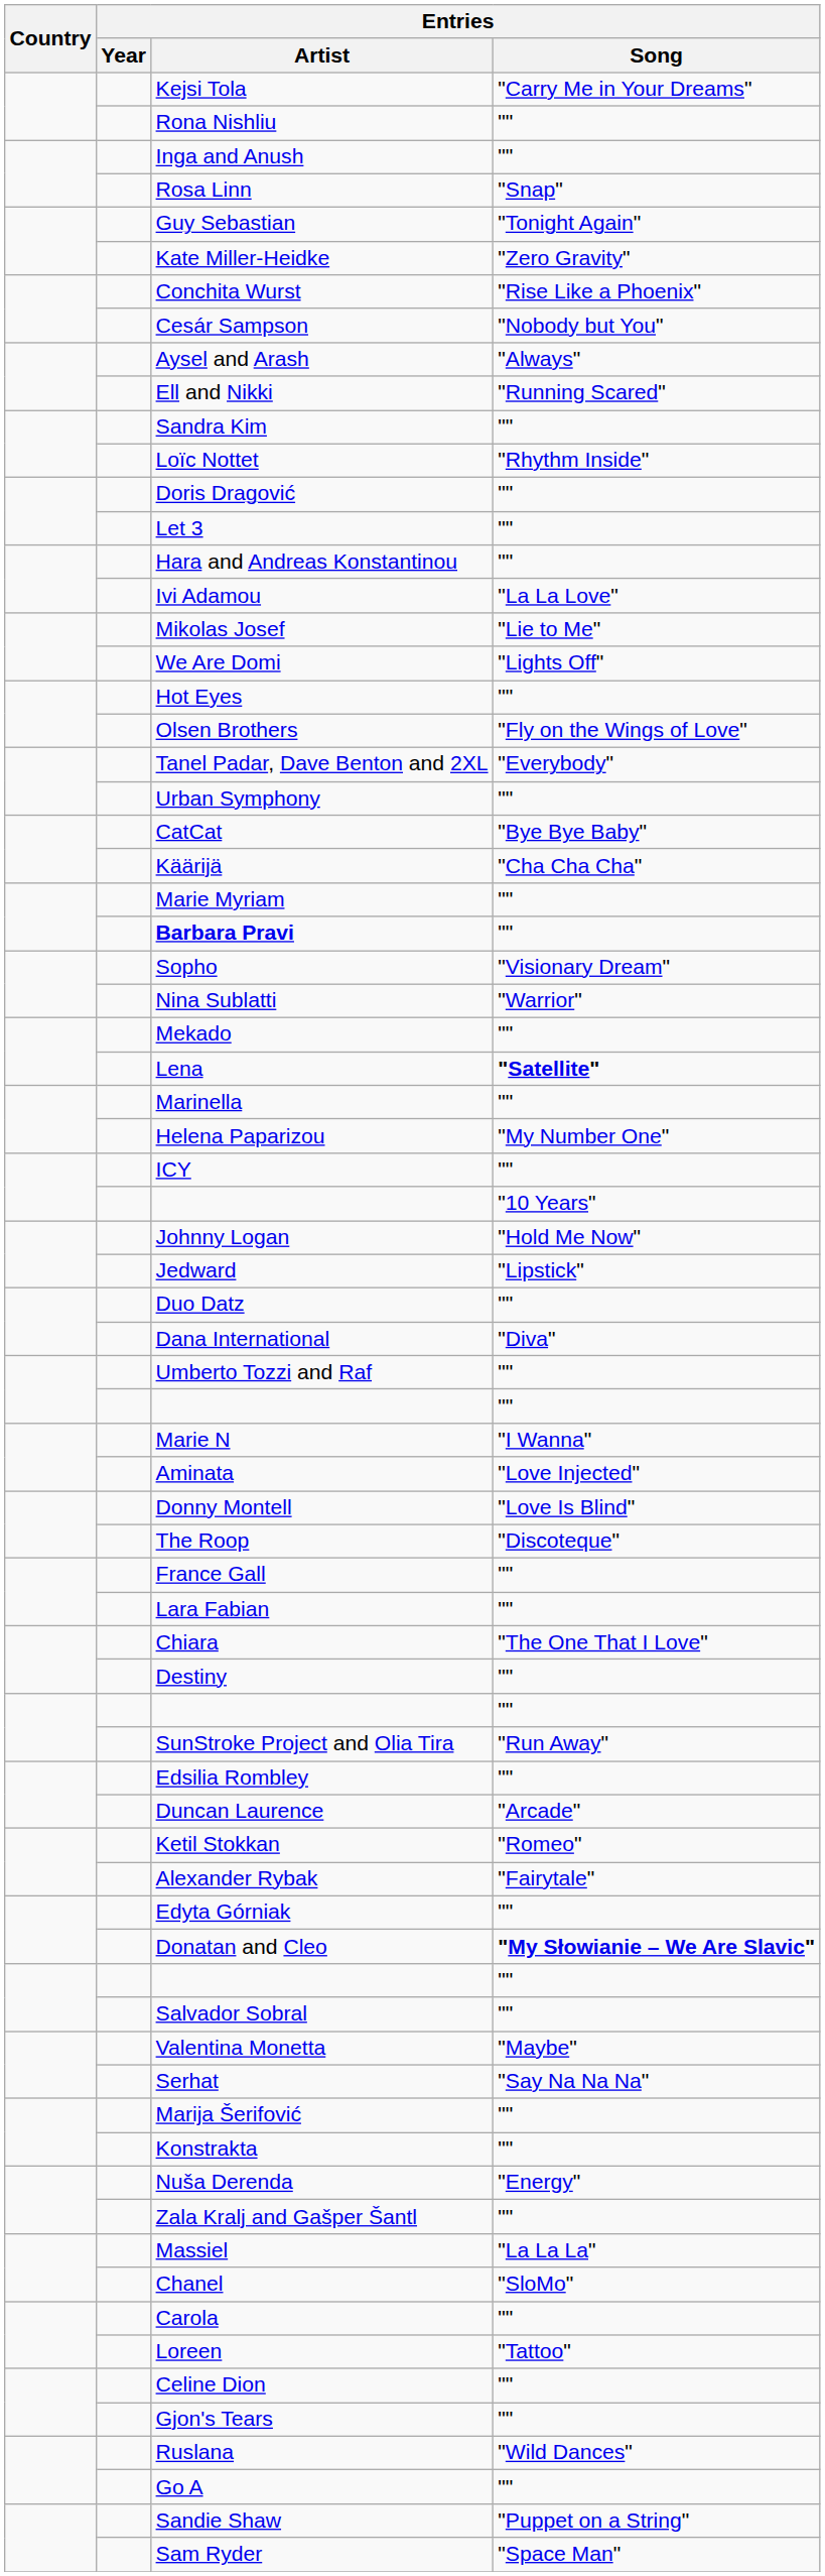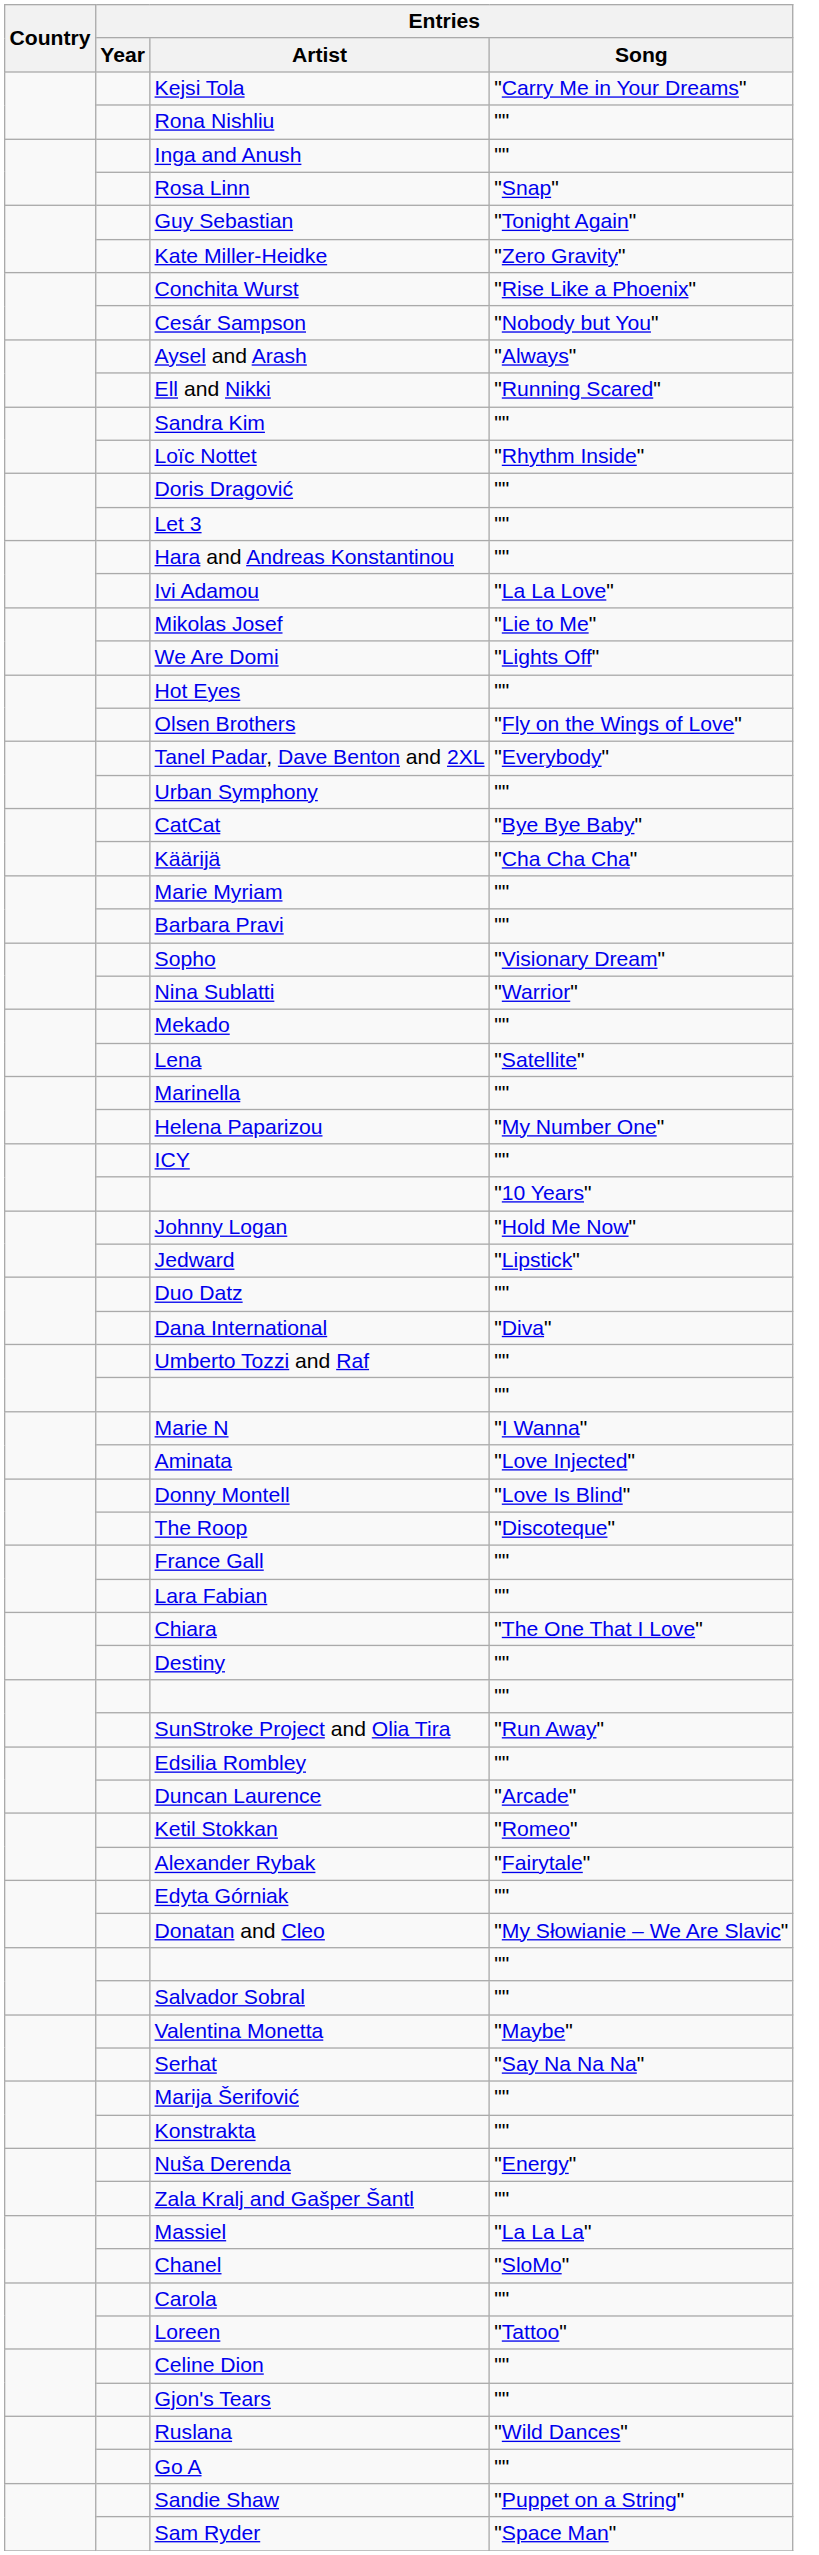 <table class="wikitable sticky-header-multi mw-collapsible">
 <tr>
 <th scope="col" rowspan="2">Country</th>
 <th colspan="6" scope="colgroup">Entries</th>
 </tr>
 <tr>
 <th scope="col">Year</th>
 <th scope="col">Artist</th>
 <th scope="col">Song</th>
 </tr>
 <tr>
 <td scope="rowgroup" rowspan="2"></td>
 <td></td>
 <td><a href='#'>Kejsi Tola</a></td>
 <td>"<a href='#'>Carry Me in Your Dreams</a>"</td>
 </tr>
 <tr>
 <td></td>
 <td><a href='#'>Rona Nishliu</a></td>
 <td>""</td>
 </tr>
 <tr>
 <td scope="rowgroup" rowspan="2"></td>
 <td></td>
 <td><a href='#'>Inga and Anush</a></td>
 <td>"" </td>
 </tr>
 <tr>
 <td></td>
 <td><a href='#'>Rosa Linn</a></td>
 <td>"<a href='#'>Snap</a>"</td>
 </tr>
 <tr>
 <td scope="rowgroup" rowspan="2"></td>
 <td></td>
 <td><a href='#'>Guy Sebastian</a></td>
 <td>"<a href='#'>Tonight Again</a>"</td>
 </tr>
 <tr>
 <td></td>
 <td><a href='#'>Kate Miller-Heidke</a></td>
 <td>"<a href='#'>Zero Gravity</a>"</td>
 </tr>
 <tr>
 <td scope="rowgroup" rowspan="2"></td>
 <td></td>
 <td><a href='#'>Conchita Wurst</a></td>
 <td>"<a href='#'>Rise Like a Phoenix</a>"</td>
 </tr>
 <tr>
 <td></td>
 <td><a href='#'>Cesár Sampson</a></td>
 <td>"<a href='#'>Nobody but You</a>"</td>
 </tr>
 <tr>
 <td scope="rowgroup" rowspan="2"></td>
 <td></td>
 <td><a href='#'>Aysel</a> and <a href='#'>Arash</a></td>
 <td>"<a href='#'>Always</a>"</td>
 </tr>
 <tr>
 <td></td>
 <td><a href='#'>Ell</a> and <a href='#'>Nikki</a></td>
 <td>"<a href='#'>Running Scared</a>"</td>
 </tr>
 <tr>
 <td scope="rowgroup" rowspan="2"></td>
 <td></td>
 <td><a href='#'>Sandra Kim</a></td>
 <td>""</td>
 </tr>
 <tr>
 <td></td>
 <td><a href='#'>Loïc Nottet</a></td>
 <td>"<a href='#'>Rhythm Inside</a>"</td>
 </tr>
 <tr>
 <td scope="rowgroup" rowspan="2"></td>
 <td></td>
 <td><a href='#'>Doris Dragović</a></td>
 <td>""</td>
 </tr>
 <tr>
 <td></td>
 <td><a href='#'>Let 3</a></td>
 <td>""</td>
 </tr>
 <tr>
 <td scope="rowgroup" rowspan="2"></td>
 <td></td>
 <td><a href='#'>Hara</a> and <a href='#'>Andreas Konstantinou</a></td>
 <td>"" </td>
 </tr>
 <tr>
 <td></td>
 <td><a href='#'>Ivi Adamou</a></td>
 <td>"<a href='#'>La La Love</a>"</td>
 </tr>
 <tr>
 <td scope="rowgroup" rowspan="2"></td>
 <td></td>
 <td><a href='#'>Mikolas Josef</a></td>
 <td>"<a href='#'>Lie to Me</a>"</td>
 </tr>
 <tr>
 <td></td>
 <td><a href='#'>We Are Domi</a></td>
 <td>"<a href='#'>Lights Off</a>"</td>
 </tr>
 <tr>
 <td scope="rowgroup" rowspan="2"></td>
 <td></td>
 <td><a href='#'>Hot Eyes</a></td>
 <td>""</td>
 </tr>
 <tr>
 <td></td>
 <td><a href='#'>Olsen Brothers</a></td>
 <td>"<a href='#'>Fly on the Wings of Love</a>"</td>
 </tr>
 <tr>
 <td scope="rowgroup" rowspan="2"></td>
 <td></td>
 <td><a href='#'>Tanel Padar</a>, <a href='#'>Dave Benton</a> and <a href='#'>2XL</a></td>
 <td>"<a href='#'>Everybody</a>"</td>
 </tr>
 <tr>
 <td></td>
 <td><a href='#'>Urban Symphony</a></td>
 <td>""</td>
 </tr>
 <tr>
 <td scope="rowgroup" rowspan="2"></td>
 <td></td>
 <td><a href='#'>CatCat</a></td>
 <td>"<a href='#'>Bye Bye Baby</a>"</td>
 </tr>
 <tr>
 <td></td>
 <td><a href='#'>Käärijä</a></td>
 <td>"<a href='#'>Cha Cha Cha</a>"</td>
 </tr>
 <tr>
 <td scope="rowgroup" rowspan="2"></td>
 <td></td>
 <td><a href='#'>Marie Myriam</a></td>
 <td>""</td>
 </tr>
 <tr>
 <td></td>
-<td><strong><a href='#'>Barbara Pravi</a></strong></td>
+<td><a href='#'>Barbara Pravi</a></td>
 <td>""</td>
 </tr>
 <tr>
 <td scope="rowgroup" rowspan="2"></td>
 <td></td>
 <td><a href='#'>Sopho</a></td>
 <td>"<a href='#'>Visionary Dream</a>"</td>
 </tr>
 <tr>
 <td></td>
 <td><a href='#'>Nina Sublatti</a></td>
 <td>"<a href='#'>Warrior</a>"</td>
 </tr>
 <tr>
 <td scope="rowgroup" rowspan="2"></td>
 <td></td>
 <td><a href='#'>Mekado</a></td>
 <td>""</td>
 </tr>
 <tr>
 <td></td>
 <td><a href='#'>Lena</a></td>
-<td><strong>"<a href='#'>Satellite</a>"</strong></td>
+<td>"<a href='#'>Satellite</a>"</td>
 </tr>
 <tr>
 <td scope="rowgroup" rowspan="2"></td>
 <td></td>
 <td><a href='#'>Marinella</a></td>
 <td>""<br></td>
 </tr>
 <tr>
 <td></td>
 <td><a href='#'>Helena Paparizou</a></td>
 <td>"<a href='#'>My Number One</a>"</td>
 </tr>
 <tr>
 <td scope="rowgroup" rowspan="2"></td>
 <td></td>
 <td><a href='#'>ICY</a></td>
 <td>""</td>
 </tr>
 <tr>
 <td></td>
 <td></td>
 <td>"<a href='#'>10 Years</a>"</td>
 </tr>
 <tr>
 <td scope="rowgroup" rowspan="2"></td>
 <td></td>
 <td><a href='#'>Johnny Logan</a></td>
 <td>"<a href='#'>Hold Me Now</a>"</td>
 </tr>
 <tr>
 <td></td>
 <td><a href='#'>Jedward</a></td>
 <td>"<a href='#'>Lipstick</a>"</td>
 </tr>
 <tr>
 <td scope="rowgroup" rowspan="2"></td>
 <td></td>
 <td><a href='#'>Duo Datz</a></td>
 <td>"" </td>
 </tr>
 <tr>
 <td></td>
 <td><a href='#'>Dana International</a></td>
 <td>"<a href='#'>Diva</a>" </td>
 </tr>
 <tr>
 <td scope="rowgroup" rowspan="2"></td>
 <td></td>
 <td><a href='#'>Umberto Tozzi</a> and <a href='#'>Raf</a></td>
 <td>""</td>
 </tr>
 <tr>
 <td></td>
 <td></td>
 <td>""</td>
 </tr>
 <tr>
 <td scope="rowgroup" rowspan="2"></td>
 <td></td>
 <td><a href='#'>Marie N</a></td>
 <td>"<a href='#'>I Wanna</a>"</td>
 </tr>
 <tr>
 <td></td>
 <td><a href='#'>Aminata</a></td>
 <td>"<a href='#'>Love Injected</a>"</td>
 </tr>
 <tr>
 <td scope="rowgroup" rowspan="2"></td>
 <td></td>
 <td><a href='#'>Donny Montell</a></td>
 <td>"<a href='#'>Love Is Blind</a>"</td>
 </tr>
 <tr>
 <td></td>
 <td><a href='#'>The Roop</a></td>
 <td>"<a href='#'>Discoteque</a>"</td>
 </tr>
 <tr>
 <td scope="rowgroup" rowspan="2"></td>
 <td></td>
 <td><a href='#'>France Gall</a></td>
 <td>""</td>
 </tr>
 <tr>
 <td></td>
 <td><a href='#'>Lara Fabian</a></td>
 <td>""</td>
 </tr>
 <tr>
 <td scope="rowgroup" rowspan="2"></td>
 <td></td>
 <td><a href='#'>Chiara</a></td>
 <td>"<a href='#'>The One That I Love</a>"</td>
 </tr>
 <tr>
 <td></td>
 <td><a href='#'>Destiny</a></td>
 <td>""</td>
 </tr>
 <tr>
 <td scope="rowgroup" rowspan="2"></td>
 <td></td>
 <td></td>
 <td>""</td>
 </tr>
 <tr>
 <td></td>
 <td><a href='#'>SunStroke Project</a> and <a href='#'>Olia Tira</a></td>
 <td>"<a href='#'>Run Away</a>"</td>
 </tr>
 <tr>
 <td scope="rowgroup" rowspan="2"></td>
 <td></td>
 <td><a href='#'>Edsilia Rombley</a></td>
 <td>""</td>
 </tr>
 <tr>
 <td></td>
 <td><a href='#'>Duncan Laurence</a></td>
 <td>"<a href='#'>Arcade</a>"</td>
 </tr>
 <tr>
 <td scope="rowgroup" rowspan="2"></td>
 <td></td>
 <td><a href='#'>Ketil Stokkan</a></td>
 <td>"<a href='#'>Romeo</a>"</td>
 </tr>
 <tr>
 <td></td>
 <td><a href='#'>Alexander Rybak</a></td>
 <td>"<a href='#'>Fairytale</a>"</td>
 </tr>
 <tr>
 <td scope="rowgroup" rowspan="2"></td>
 <td></td>
 <td><a href='#'>Edyta Górniak</a></td>
 <td>""</td>
 </tr>
 <tr>
 <td></td>
 <td><a href='#'>Donatan</a> and <a href='#'>Cleo</a></td>
-<td><strong>"<a href='#'><span>My Słowianie</span> – We Are Slavic</a>"</strong></td>
+<td>"<a href='#'><span>My Słowianie</span> – We Are Slavic</a>"</td>
 </tr>
 <tr>
 <td scope="rowgroup" rowspan="2"></td>
 <td></td>
 <td></td>
 <td>""</td>
 </tr>
 <tr>
 <td></td>
 <td><a href='#'>Salvador Sobral</a></td>
 <td>""</td>
 </tr>
 <tr>
 <td scope="rowgroup" rowspan="2"></td>
 <td></td>
 <td><a href='#'>Valentina Monetta</a></td>
 <td>"<a href='#'>Maybe</a>"</td>
 </tr>
 <tr>
 <td></td>
 <td><a href='#'>Serhat</a></td>
 <td>"<a href='#'>Say Na Na Na</a>"</td>
 </tr>
 <tr>
 <td scope="rowgroup" rowspan="2"></td>
 <td></td>
 <td><a href='#'>Marija Šerifović</a></td>
 <td>"" </td>
 </tr>
 <tr>
 <td></td>
 <td><a href='#'>Konstrakta</a></td>
 <td>""</td>
 </tr>
 <tr>
 <td scope="rowgroup" rowspan="2"></td>
 <td></td>
 <td><a href='#'>Nuša Derenda</a></td>
 <td>"<a href='#'>Energy</a>"</td>
 </tr>
 <tr>
 <td></td>
 <td><a href='#'>Zala Kralj and Gašper Šantl</a></td>
 <td>""</td>
 </tr>
 <tr>
 <td scope="rowgroup" rowspan="2"></td>
 <td></td>
 <td><a href='#'>Massiel</a></td>
 <td>"<a href='#'>La La La</a>"</td>
 </tr>
 <tr>
 <td></td>
 <td><a href='#'>Chanel</a></td>
 <td>"<a href='#'>SloMo</a>"</td>
 </tr>
 <tr>
 <td scope="rowgroup" rowspan="2"></td>
 <td></td>
 <td><a href='#'>Carola</a></td>
 <td>""</td>
 </tr>
 <tr>
 <td></td>
 <td><a href='#'>Loreen</a></td>
 <td>"<a href='#'>Tattoo</a>"</td>
 </tr>
 <tr>
 <td scope="rowgroup" rowspan="2"></td>
 <td></td>
 <td><a href='#'>Celine Dion</a></td>
 <td>""</td>
 </tr>
 <tr>
 <td></td>
 <td><a href='#'>Gjon's Tears</a></td>
 <td>""</td>
 </tr>
 <tr>
 <td scope="rowgroup" rowspan="2"></td>
 <td></td>
 <td><a href='#'>Ruslana</a></td>
 <td>"<a href='#'>Wild Dances</a>"</td>
 </tr>
 <tr>
 <td></td>
 <td><a href='#'>Go A</a></td>
 <td>"" </td>
 </tr>
 <tr>
 <td scope="rowgroup" rowspan="2"></td>
 <td></td>
 <td><a href='#'>Sandie Shaw</a></td>
 <td>"<a href='#'>Puppet on a String</a>"</td>
 </tr>
 <tr>
 <td></td>
 <td><a href='#'>Sam Ryder</a></td>
 <td>"<a href='#'>Space Man</a>"</td>
 </tr>
 </table>
